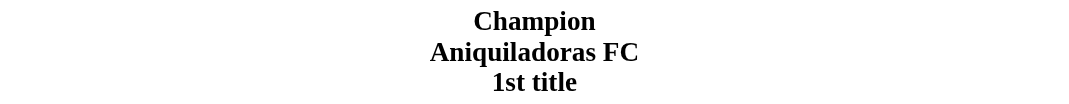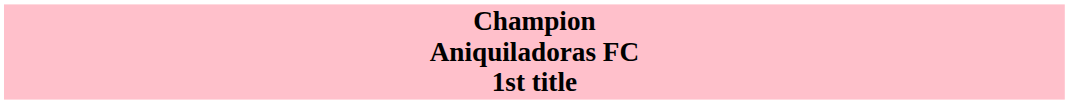 <table width="100%" cellspacing="0">
 <tr>
 <td align="center"></td>
 </tr>
 <tr>
-<td align="center"><strong>Champion<br>Aniquiladoras FC<br>1st title</strong></td>
+<td align="center" style="background: pink;"><strong>Champion<br>Aniquiladoras FC<br>1st title</strong></td>
 </tr>
 </table>
